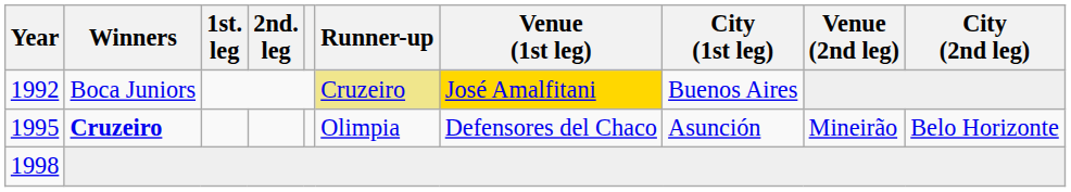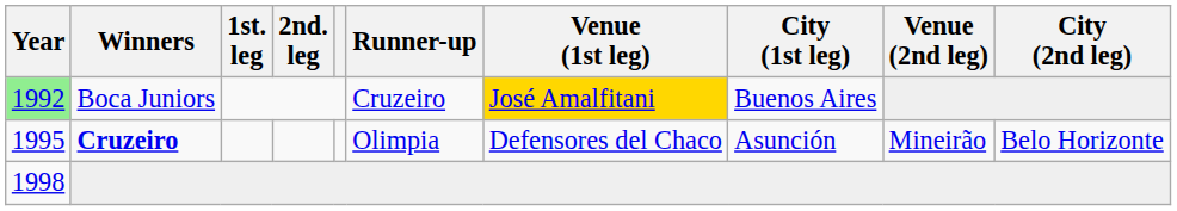 <table class="wikitable sortable">
 <tr>
 <th>Year</th>
 <th>Winners</th>
 <th width=>1st.<br>leg</th>
 <th width=>2nd.<br>leg</th>
 <th width=></th>
 <th>Runner-up</th>
 <th width=>Venue <br>(1st leg)</th>
 <th width=>City <br>(1st leg)</th>
 <th width=>Venue <br>(2nd leg)</th>
 <th width=>City <br>(2nd leg)</th>
 </tr>
 <tr>
-<td><a href='#'>1992</a></td>
+<td style="background: lightgreen;"><a href='#'>1992</a></td>
 <td> <a href='#'>Boca Juniors</a></td>
 <td colspan="3"></td>
-<td style="background: khaki;"> <a href='#'>Cruzeiro</a></td>
+<td> <a href='#'>Cruzeiro</a></td>
 <td style="background: gold;"><a href='#'>José Amalfitani</a></td>
 <td><a href='#'>Buenos Aires</a></td>
 <td colspan=2 style=background:#efefef></td>
 </tr>
 <tr>
 <td><a href='#'>1995</a></td>
 <td> <strong><a href='#'>Cruzeiro</a></strong></td>
 <td></td>
 <td></td>
 <td></td>
 <td> <a href='#'>Olimpia</a></td>
 <td><a href='#'>Defensores del Chaco</a></td>
 <td><a href='#'>Asunción</a></td>
 <td><a href='#'>Mineirão</a></td>
 <td><a href='#'>Belo Horizonte</a></td>
 </tr>
 <tr>
 <td><a href='#'>1998</a></td>
 <td style=background:#efefef colspan=9></td>
 </tr>
 </table>
